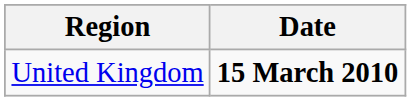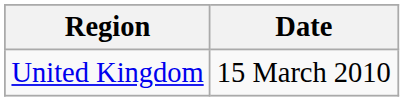 <table class="wikitable">
 <tr>
 <th>Region</th>
 <th>Date</th>
 </tr>
 <tr>
 <td><a href='#'>United Kingdom</a></td>
-<td><strong>15 March 2010</strong></td>
+<td>15 March 2010</td>
 </tr>
 </table>
